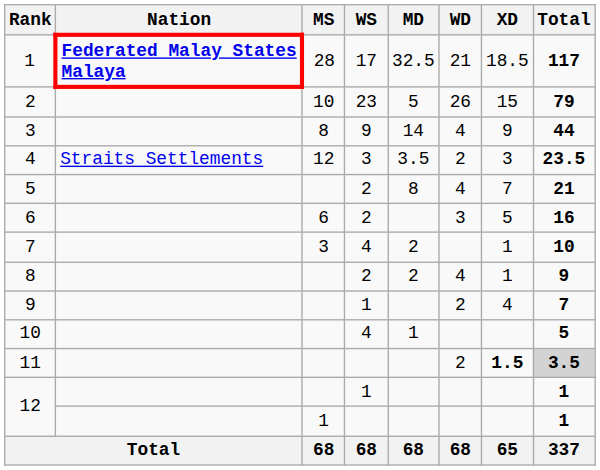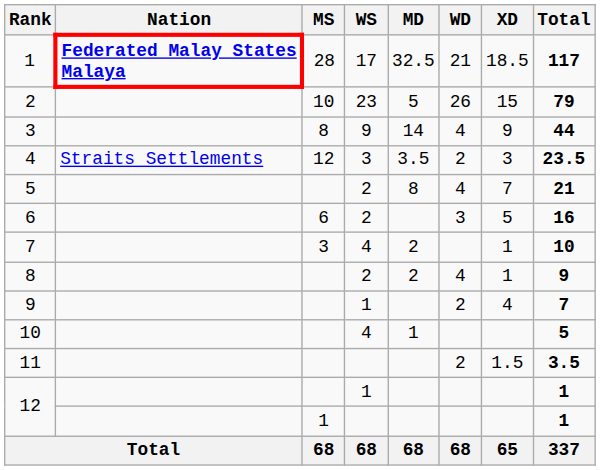 <table class="wikitable" style="text-align:center">
 <tr>
 <th width="25">Rank</th>
 <th>Nation</th>
 <th width="25">MS</th>
 <th width="25">WS</th>
 <th width="25">MD</th>
 <th width="25">WD</th>
 <th width="25">XD</th>
 <th>Total</th>
 </tr>
 <tr>
 <td>1</td>
 <td align=left style="border: 3px solid red"> <strong><a href='#'>Federated Malay States</a><br> <a href='#'>Malaya</a><br></strong></td>
 <td>28</td>
 <td>17</td>
 <td>32.5</td>
 <td>21</td>
 <td>18.5</td>
 <td><strong>117</strong></td>
 </tr>
 <tr align=center>
 <td>2</td>
 <td align=left></td>
 <td>10</td>
 <td>23</td>
 <td>5</td>
 <td>26</td>
 <td>15</td>
 <td><strong>79</strong></td>
 </tr>
 <tr align=center>
 <td>3</td>
 <td align=left></td>
 <td>8</td>
 <td>9</td>
 <td>14</td>
 <td>4</td>
 <td>9</td>
 <td><strong>44</strong></td>
 </tr>
 <tr align=center>
 <td>4</td>
 <td align=left> <a href='#'>Straits Settlements</a><br></td>
 <td>12</td>
 <td>3</td>
 <td>3.5</td>
 <td>2</td>
 <td>3</td>
 <td><strong>23.5</strong></td>
 </tr>
 <tr align=center>
 <td>5</td>
 <td align=left></td>
 <td></td>
 <td>2</td>
 <td>8</td>
 <td>4</td>
 <td>7</td>
 <td><strong>21</strong></td>
 </tr>
 <tr align=center>
 <td>6</td>
 <td align=left></td>
 <td>6</td>
 <td>2</td>
 <td></td>
 <td>3</td>
 <td>5</td>
 <td><strong>16</strong></td>
 </tr>
 <tr align=center>
 <td>7</td>
 <td align=left></td>
 <td>3</td>
 <td>4</td>
 <td>2</td>
 <td></td>
 <td>1</td>
 <td><strong>10</strong></td>
 </tr>
 <tr align=center>
 <td>8</td>
 <td align=left></td>
 <td></td>
 <td>2</td>
 <td>2</td>
 <td>4</td>
 <td>1</td>
 <td><strong>9</strong></td>
 </tr>
 <tr align=center>
 <td>9</td>
 <td align=left></td>
 <td></td>
 <td>1</td>
 <td></td>
 <td>2</td>
 <td>4</td>
 <td><strong>7</strong></td>
 </tr>
 <tr align=center>
 <td>10</td>
 <td align=left></td>
 <td></td>
 <td>4</td>
 <td>1</td>
 <td></td>
 <td></td>
 <td><strong>5</strong></td>
 </tr>
 <tr align=center>
 <td>11</td>
 <td align=left></td>
 <td></td>
 <td></td>
 <td></td>
 <td>2</td>
-<td><strong>1.5</strong></td>
-<td style="background: lightgrey;"><strong>3.5</strong></td>
+<td>1.5</td>
+<td><strong>3.5</strong></td>
 </tr>
 <tr align=center>
 <td rowspan=2>12</td>
 <td align=left></td>
 <td></td>
 <td>1</td>
 <td></td>
 <td></td>
 <td></td>
 <td><strong>1</strong></td>
 </tr>
 <tr align=centern>
 <td align=left></td>
 <td>1</td>
 <td></td>
 <td></td>
 <td></td>
 <td></td>
 <td><strong>1</strong></td>
 </tr>
 <tr align=center>
 <th colspan=2 align=left>Total</th>
 <th><strong>68</strong></th>
 <th><strong>68</strong></th>
 <th><strong>68</strong></th>
 <th><strong>68</strong></th>
 <th><strong>65</strong></th>
 <th><strong>337</strong></th>
 </tr>
 </table>
